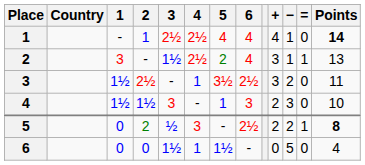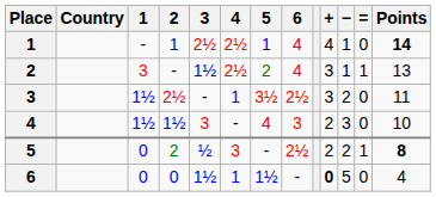 <table class="wikitable" style="text-align:center">
 <tr>
 <th>Place</th>
 <th>Country</th>
 <th>1</th>
 <th>2</th>
 <th>3</th>
 <th>4</th>
 <th>5</th>
 <th>6</th>
 <th></th>
 <th>+</th>
 <th>−</th>
 <th>=</th>
 <th>Points</th>
 </tr>
 <tr>
 <th>1</th>
 <td style="text-align: left"></td>
 <td>-</td>
 <td style="color: blue;">1</td>
 <td style="color: red;">2½</td>
 <td style="color: red;">2½</td>
-<td style="color: red;">4</td>
+<td style="color: blue;">1</td>
 <td style="color: red;">4</td>
 <th></th>
 <td>4</td>
 <td>1</td>
 <td>0</td>
 <td><strong>14</strong></td>
 </tr>
 <tr>
 <th>2</th>
 <td style="text-align: left"></td>
 <td style="color: red;">3</td>
 <td>-</td>
 <td style="color: blue;">1½</td>
 <td style="color: red;">2½</td>
 <td style="color: green">2</td>
 <td style="color: red;">4</td>
 <th></th>
 <td>3</td>
 <td>1</td>
 <td>1</td>
 <td>13</td>
 </tr>
 <tr>
 <th>3</th>
 <td style="text-align: left"></td>
 <td style="color: blue;">1½</td>
 <td style="color: red;">2½</td>
 <td>-</td>
 <td style="color: blue;">1</td>
 <td style="color: red;">3½</td>
 <td style="color: red;">2½</td>
 <th></th>
 <td>3</td>
 <td>2</td>
 <td>0</td>
 <td>11</td>
 </tr>
 <tr>
 <th>4</th>
 <td style="text-align: left"></td>
 <td style="color: blue;">1½</td>
 <td style="color: blue;">1½</td>
 <td style="color: red;">3</td>
 <td>-</td>
-<td style="color: blue;">1</td>
+<td style="color: red;">4</td>
 <td style="color: red;">3</td>
 <th></th>
 <td>2</td>
 <td>3</td>
 <td>0</td>
 <td>10</td>
 </tr>
 <tr style="border-top:2px solid grey;">
 <th>5</th>
 <td style="text-align: left"></td>
 <td style="color: blue;">0</td>
 <td style="color: green">2</td>
 <td style="color: blue;">½</td>
 <td style="color: red;">3</td>
 <td>-</td>
 <td style="color: red;">2½</td>
 <th></th>
 <td>2</td>
 <td>2</td>
 <td>1</td>
 <td><strong>8</strong></td>
 </tr>
 <tr>
 <th>6</th>
 <td style="text-align: left"></td>
 <td style="color: blue;">0</td>
 <td style="color: blue;">0</td>
 <td style="color: blue;">1½</td>
 <td style="color: blue;">1</td>
 <td style="color: blue;">1½</td>
 <td>-</td>
 <th></th>
-<td>0</td>
+<td><strong>0</strong></td>
 <td>5</td>
 <td>0</td>
 <td>4</td>
 </tr>
 </table>
